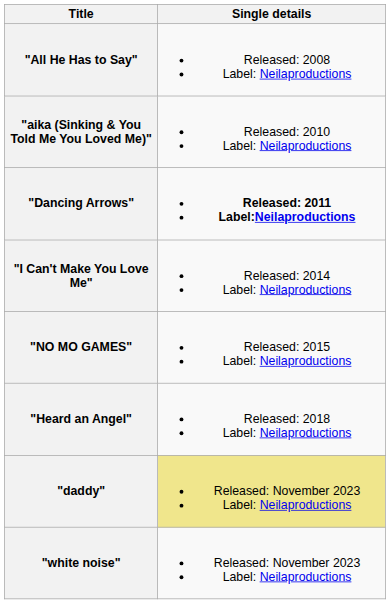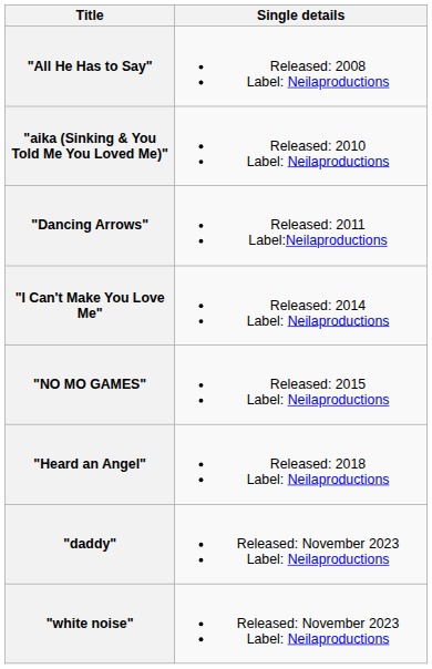 <table class="wikitable plainrowheaders" style="text-align:center;">
 <tr>
 <th scope="col" style="width:12em;">Title</th>
 <th scope="col" style="width:18em;">Single details</th>
 </tr>
 <tr>
 <th scope="row">"All He Has to Say"</th>
 <td><br><ul><li>Released: 2008</li><li>Label: <a href='#'>Neilaproductions</a></li></ul></td>
 </tr>
 <tr>
 <th scope="row">"aika (Sinking & You Told Me You Loved Me)"</th>
 <td><br><ul><li>Released: 2010</li><li>Label: <a href='#'>Neilaproductions</a></li></ul></td>
 </tr>
 <tr>
 <th scope="row">"Dancing Arrows"</th>
-<td><strong><br><ul><li>Released: 2011</li><li>Label:<a href='#'>Neilaproductions</a></li></ul></strong></td>
+<td><br><ul><li>Released: 2011</li><li>Label:<a href='#'>Neilaproductions</a></li></ul></td>
 </tr>
 <tr>
 <th scope="row">"I Can't Make You Love Me"</th>
 <td><br><ul><li>Released: 2014</li><li>Label: <a href='#'>Neilaproductions</a></li></ul></td>
 </tr>
 <tr>
 <th scope="row">"NO MO GAMES"</th>
 <td><br><ul><li>Released: 2015</li><li>Label: <a href='#'>Neilaproductions</a></li></ul></td>
 </tr>
 <tr>
 <th scope="row">"Heard an Angel"</th>
 <td><br><ul><li>Released: 2018</li><li>Label: <a href='#'>Neilaproductions</a></li></ul></td>
 </tr>
 <tr>
 <th scope="row">"daddy"</th>
-<td style="background: khaki;"><br><ul><li>Released: November 2023</li><li>Label: <a href='#'>Neilaproductions</a></li></ul></td>
+<td><br><ul><li>Released: November 2023</li><li>Label: <a href='#'>Neilaproductions</a></li></ul></td>
 </tr>
 <tr>
 <th scope="row">"white noise"</th>
 <td><br><ul><li>Released: November 2023</li><li>Label: <a href='#'>Neilaproductions</a></li></ul></td>
 </tr>
 </table>
